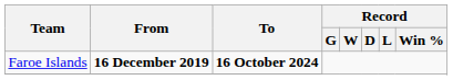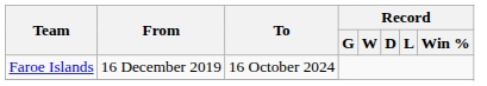 <table class="wikitable" style="text-align: center">
 <tr>
 <th rowspan="2">Team</th>
 <th rowspan="2">From</th>
 <th rowspan="2">To</th>
 <th colspan="5">Record</th>
 </tr>
 <tr>
 <th>G</th>
 <th>W</th>
 <th>D</th>
 <th>L</th>
 <th>Win %</th>
 </tr>
 <tr>
 <td align=left><a href='#'>Faroe Islands</a></td>
-<td align=left><strong>16 December 2019</strong></td>
-<td align=left><strong>16 October 2024<br></strong></td>
+<td align=left>16 December 2019</td>
+<td align=left>16 October 2024<br></td>
 </tr>
 <tr>
 </tr>
 </table>
